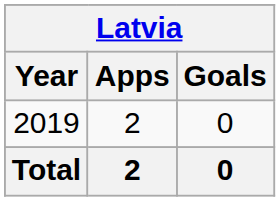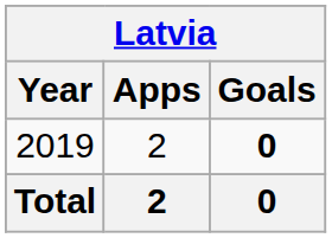 <table class="wikitable" style="text-align:center">
 <tr>
 <th colspan=3><a href='#'>Latvia</a></th>
 </tr>
 <tr>
 <th>Year</th>
 <th>Apps</th>
 <th>Goals</th>
 </tr>
 <tr>
 <td>2019</td>
 <td>2</td>
-<td>0</td>
+<td><strong>0</strong></td>
 </tr>
 <tr>
 <th>Total</th>
 <th>2</th>
 <th>0</th>
 </tr>
 </table>
